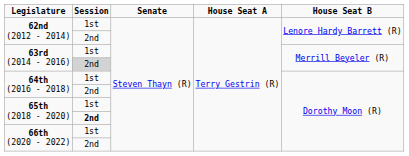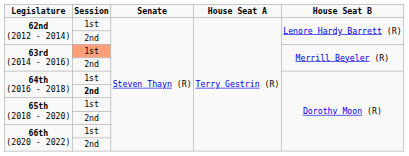 <table class=wikitable style="text-align:center">
 <tr>
 <td><strong>Legislature</strong></td>
 <td><strong>Session</strong></td>
 <td><strong>Senate</strong></td>
 <td><strong>House Seat A</strong></td>
 <td><strong>House Seat B</strong></td>
 </tr>
 <tr>
 <td rowspan="2" colspan="1" style="text-align: center;"><strong>62nd</strong> <br> (2012 - 2014)</td>
 <td>1st</td>
 <td rowspan="10" colspan="1" style="text-align: center;" ><a href='#'>Steven Thayn</a> (R)</td>
 <td rowspan="10" colspan="1" style="text-align: center;" ><a href='#'>Terry Gestrin</a> (R)</td>
 <td rowspan="2" colspan="1" style="text-align: center;" ><a href='#'>Lenore Hardy Barrett</a> (R)</td>
 </tr>
 <tr>
 <td>2nd</td>
 </tr>
 <tr>
 <td rowspan="2" colspan="1" style="text-align: center;"><strong>63rd</strong> <br> (2014 - 2016)</td>
-<td>1st</td>
+<td style="background: lightsalmon;">1st</td>
 <td rowspan="2" colspan="1" style="text-align: center;" ><a href='#'>Merrill Beyeler</a> (R)</td>
 </tr>
 <tr>
-<td style="background: lightgrey;">2nd</td>
+<td>2nd</td>
 </tr>
 <tr>
 <td rowspan="2" colspan="1" style="text-align: center;"><strong>64th</strong> <br> (2016 - 2018)</td>
 <td>1st</td>
 <td rowspan="6" colspan="1" style="text-align: center;" ><a href='#'>Dorothy Moon</a> (R)</td>
 </tr>
 <tr>
-<td>2nd</td>
+<td><strong>2nd</strong></td>
 </tr>
 <tr>
 <td rowspan="2" colspan="1" style="text-align: center;"><strong>65th</strong> <br> (2018 - 2020)</td>
 <td>1st</td>
 </tr>
 <tr>
-<td><strong>2nd</strong></td>
+<td>2nd</td>
 </tr>
 <tr>
 <td rowspan="2" colspan="1" style="text-align: center;"><strong>66th</strong> <br> (2020 - 2022)</td>
 <td>1st</td>
 </tr>
 <tr>
 <td>2nd</td>
 </tr>
 </table>
